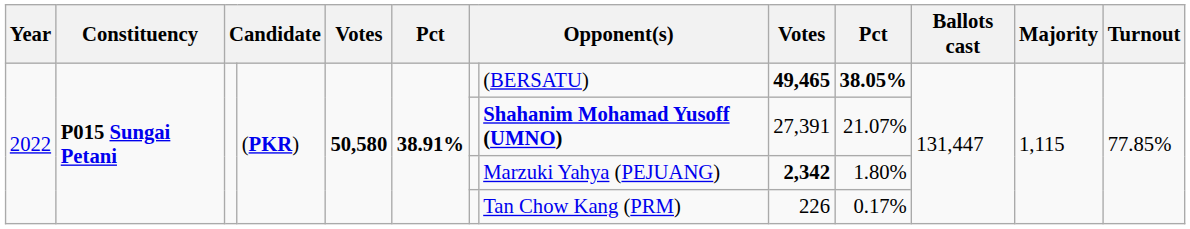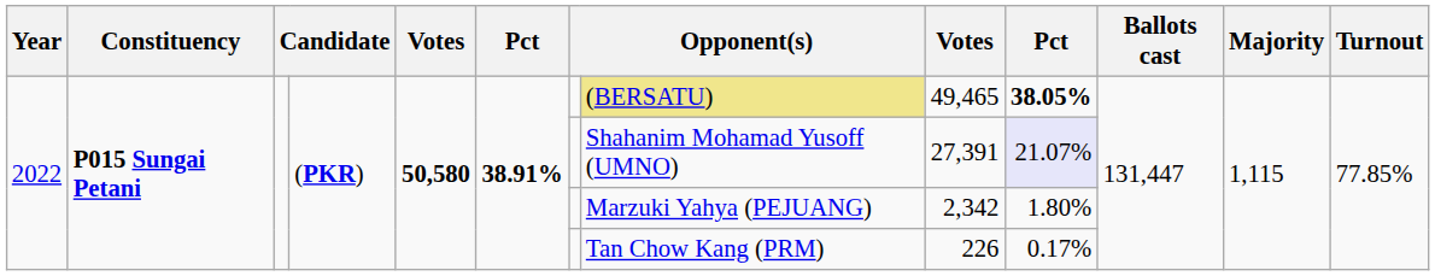 <table class="wikitable" style="margin:0.5em ; font-size:95%">
 <tr>
 <th>Year</th>
 <th>Constituency</th>
 <th colspan=2>Candidate</th>
 <th>Votes</th>
 <th>Pct</th>
 <th colspan=2>Opponent(s)</th>
 <th>Votes</th>
 <th>Pct</th>
 <th>Ballots cast</th>
 <th>Majority</th>
 <th>Turnout</th>
 </tr>
 <tr>
 <td rowspan="4"><a href='#'>2022</a></td>
 <td rowspan="4"><strong>P015 <a href='#'>Sungai Petani</a></strong></td>
 <td rowspan="4" ></td>
 <td rowspan="4"> (<a href='#'><strong>PKR</strong></a>)</td>
 <td rowspan="4" align=right><strong>50,580</strong></td>
 <td rowspan="4"><strong>38.91%</strong></td>
 <td bgcolor=></td>
-<td> (<a href='#'>BERSATU</a>)</td>
-<td align="right"><strong>49,465</strong></td>
+<td style="background: khaki;"> (<a href='#'>BERSATU</a>)</td>
+<td align="right">49,465</td>
 <td align="right"><strong>38.05%</strong></td>
 <td rowspan=4>131,447</td>
 <td rowspan=4>1,115</td>
 <td rowspan=4>77.85%</td>
 </tr>
 <tr>
 <td></td>
-<td><strong><a href='#'>Shahanim Mohamad Yusoff</a> (<a href='#'>UMNO</a>)</strong></td>
+<td><a href='#'>Shahanim Mohamad Yusoff</a> (<a href='#'>UMNO</a>)</td>
 <td align="right">27,391</td>
-<td align="right">21.07%</td>
+<td align="right" style="background: lavender;">21.07%</td>
 </tr>
 <tr>
 <td></td>
 <td><a href='#'>Marzuki Yahya</a> (<a href='#'>PEJUANG</a>)</td>
-<td align="right"><strong>2,342</strong></td>
+<td align="right">2,342</td>
 <td align="right">1.80%</td>
 </tr>
 <tr>
 <td bgcolor=></td>
 <td><a href='#'>Tan Chow Kang</a> (<a href='#'>PRM</a>)</td>
 <td align="right">226</td>
 <td align="right">0.17%</td>
 </tr>
 </table>
